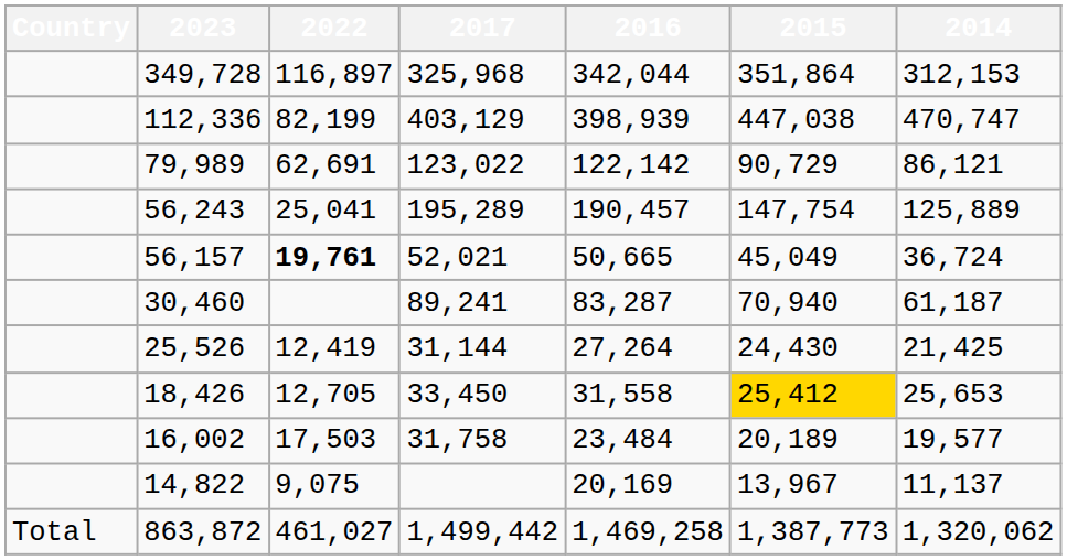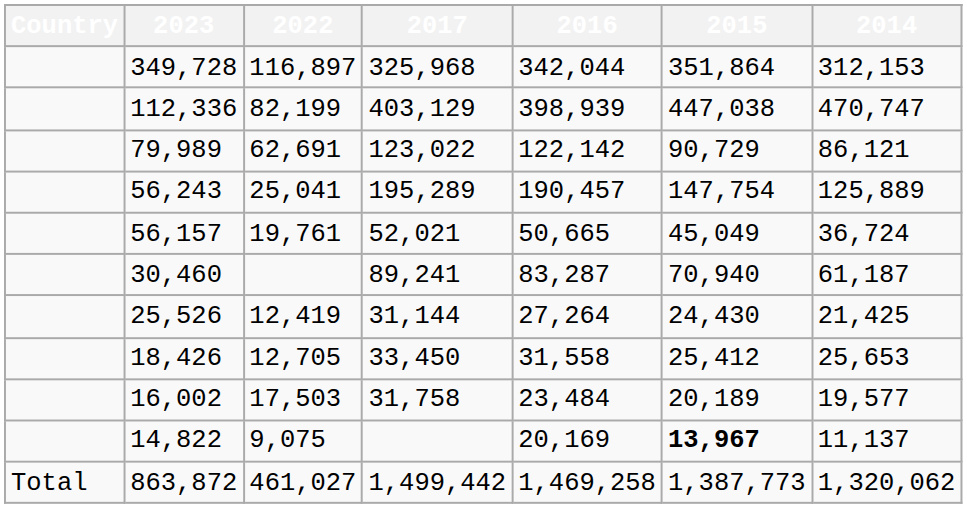 <table class="wikitable">
 <tr>
 </tr>
 <tr style="color:white;">
 <th>Country</th>
 <th>2023</th>
 <th>2022 </th>
 <th>2017</th>
 <th>2016</th>
 <th>2015</th>
 <th>2014</th>
 </tr>
 <tr>
 <td></td>
 <td>349,728</td>
 <td>116,897</td>
 <td>325,968</td>
 <td>342,044</td>
 <td>351,864</td>
 <td>312,153</td>
 </tr>
 <tr>
 <td></td>
 <td>112,336</td>
 <td>82,199</td>
 <td>403,129</td>
 <td>398,939</td>
 <td>447,038</td>
 <td>470,747</td>
 </tr>
 <tr>
 <td></td>
 <td>79,989</td>
 <td>62,691</td>
 <td>123,022</td>
 <td>122,142</td>
 <td>90,729</td>
 <td>86,121</td>
 </tr>
 <tr>
 <td></td>
 <td>56,243</td>
 <td>25,041</td>
 <td>195,289</td>
 <td>190,457</td>
 <td>147,754</td>
 <td>125,889</td>
 </tr>
 <tr>
 <td></td>
 <td>56,157</td>
-<td><strong>19,761</strong></td>
+<td>19,761</td>
 <td>52,021</td>
 <td>50,665</td>
 <td>45,049</td>
 <td>36,724</td>
 </tr>
 <tr>
 <td></td>
 <td>30,460</td>
 <td></td>
 <td>89,241</td>
 <td>83,287</td>
 <td>70,940</td>
 <td>61,187</td>
 </tr>
 <tr>
 <td></td>
 <td>25,526</td>
 <td>12,419</td>
 <td>31,144</td>
 <td>27,264</td>
 <td>24,430</td>
 <td>21,425</td>
 </tr>
 <tr>
 <td></td>
 <td>18,426</td>
 <td>12,705</td>
 <td>33,450</td>
 <td>31,558</td>
-<td style="background: gold;">25,412</td>
+<td>25,412</td>
 <td>25,653</td>
 </tr>
 <tr>
 <td></td>
 <td>16,002</td>
 <td>17,503</td>
 <td>31,758</td>
 <td>23,484</td>
 <td>20,189</td>
 <td>19,577</td>
 </tr>
 <tr>
 <td></td>
 <td>14,822</td>
 <td>9,075</td>
 <td></td>
 <td>20,169</td>
-<td>13,967</td>
+<td><strong>13,967</strong></td>
 <td>11,137</td>
 </tr>
 <tr>
 <td>Total</td>
 <td>863,872</td>
 <td>461,027</td>
 <td>1,499,442</td>
 <td>1,469,258</td>
 <td>1,387,773</td>
 <td>1,320,062</td>
 </tr>
 </table>
